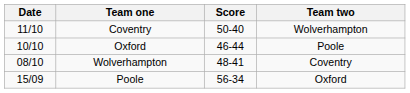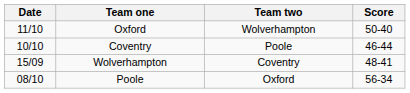 <table class="wikitable" style="text-align: center">
 <tr>
 <th width=80>Date</th>
 <th width=250>Team one</th>
+<th width=250>Team two</th>
 <th width=80>Score</th>
-<th width=250>Team two</th>
 </tr>
 <tr>
 <td>11/10</td>
-<td>Coventry</td>
+<td>Oxford</td>
+<td>Wolverhampton</td>
 <td>50-40</td>
-<td>Wolverhampton</td>
 </tr>
 <tr>
 <td>10/10</td>
-<td>Oxford</td>
+<td>Coventry</td>
+<td>Poole</td>
 <td>46-44</td>
-<td>Poole</td>
+</tr>
+<tr>
+<td>15/09</td>
+<td>Wolverhampton</td>
+<td>Coventry</td>
+<td>48-41</td>
 </tr>
 <tr>
 <td>08/10</td>
-<td>Wolverhampton</td>
-<td>48-41</td>
-<td>Coventry</td>
-</tr>
-<tr>
-<td>15/09</td>
 <td>Poole</td>
+<td>Oxford</td>
 <td>56-34</td>
-<td>Oxford</td>
 </tr>
 </table>
